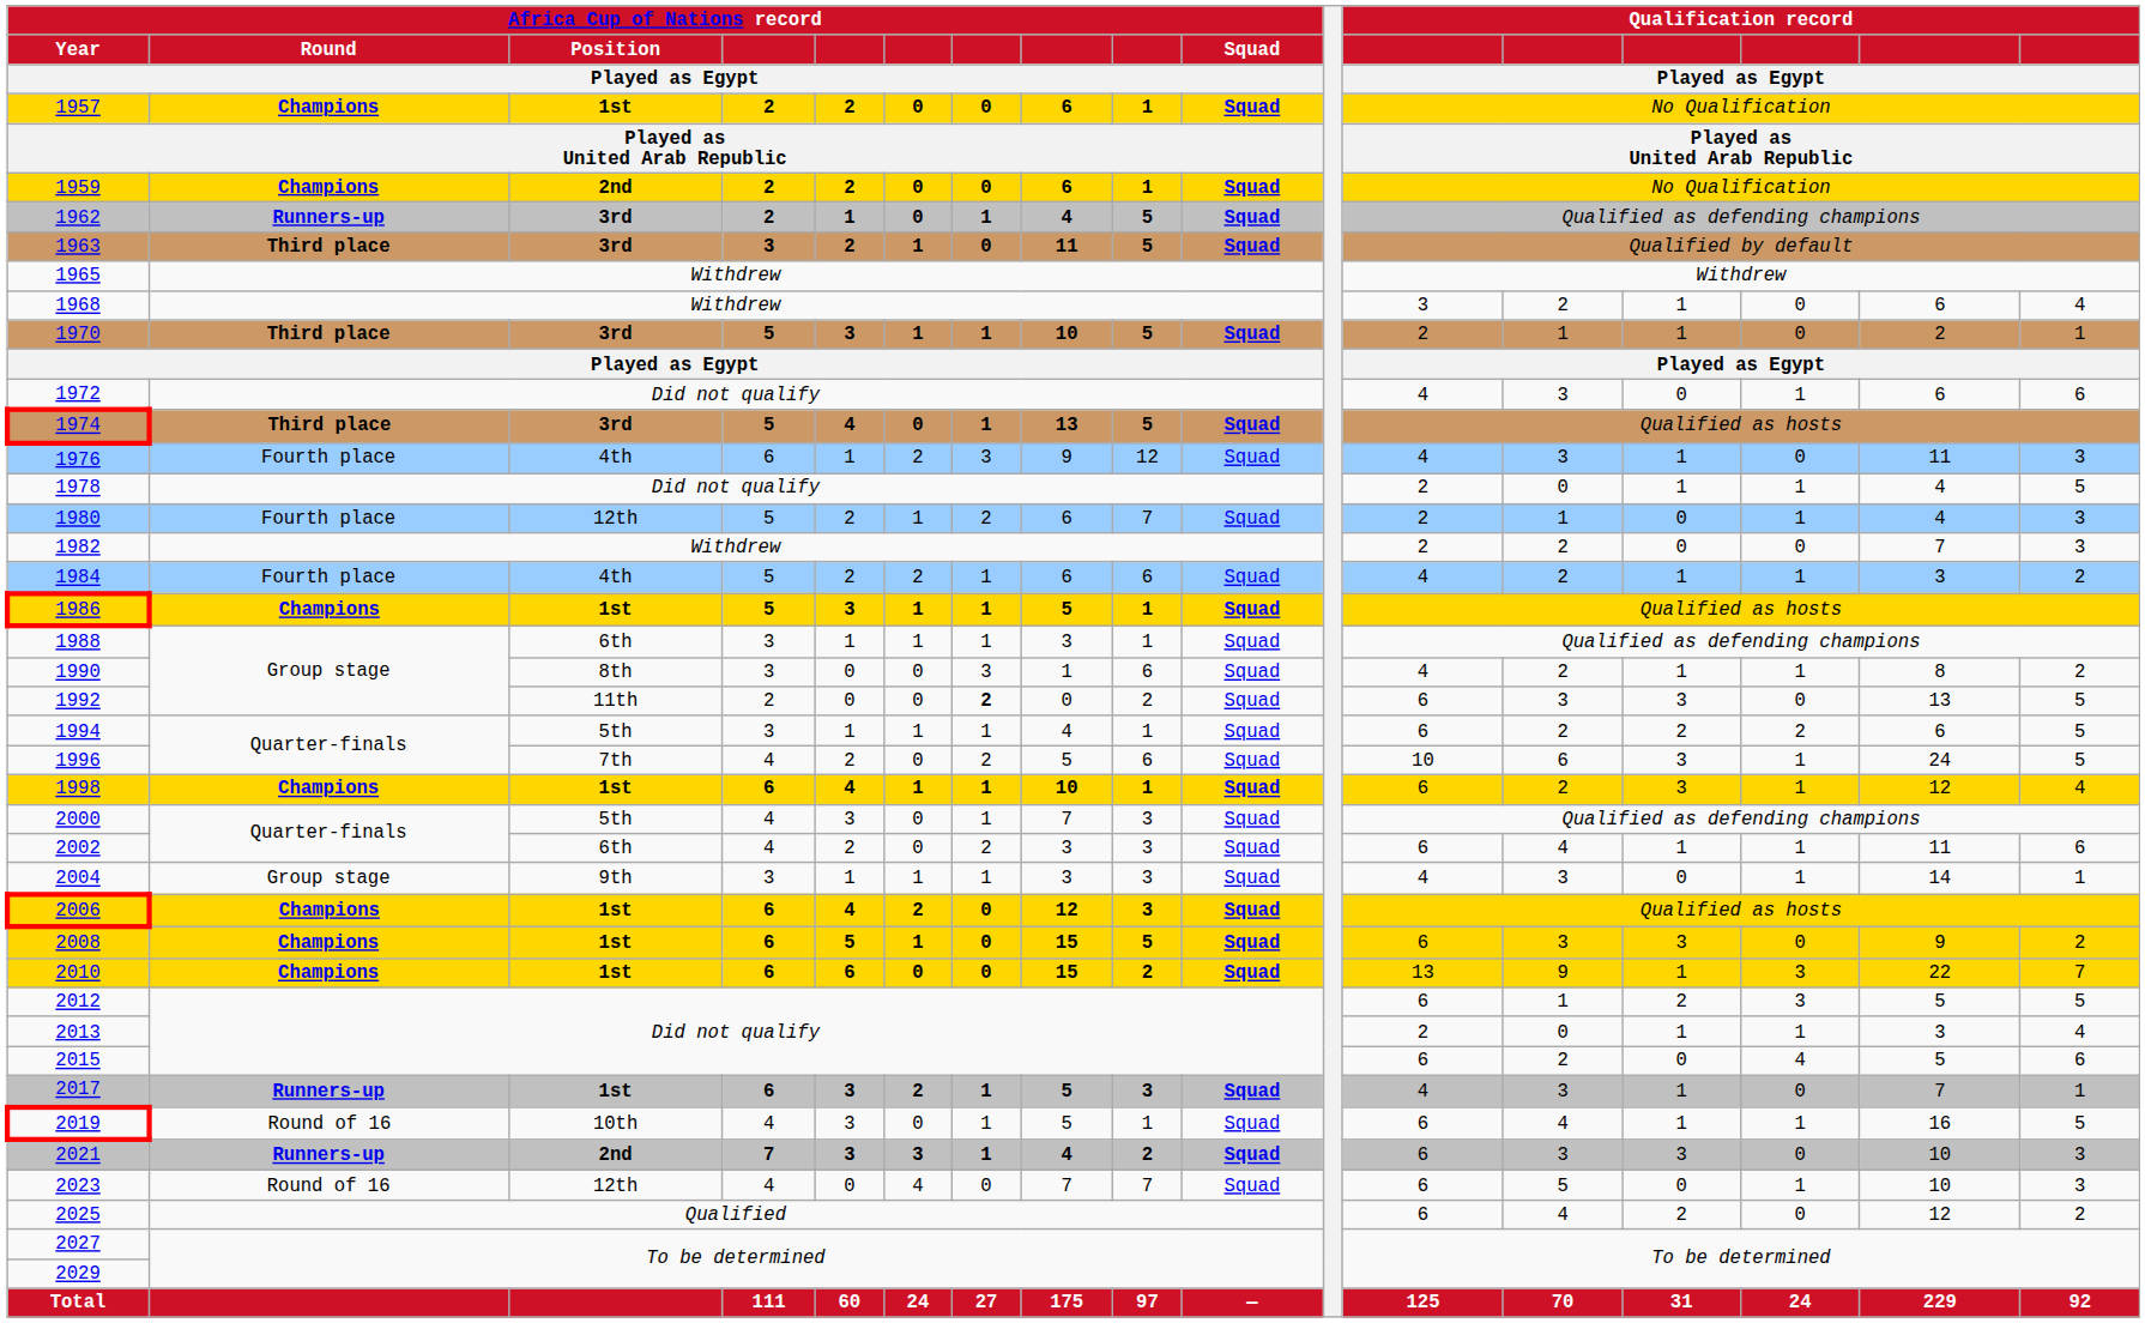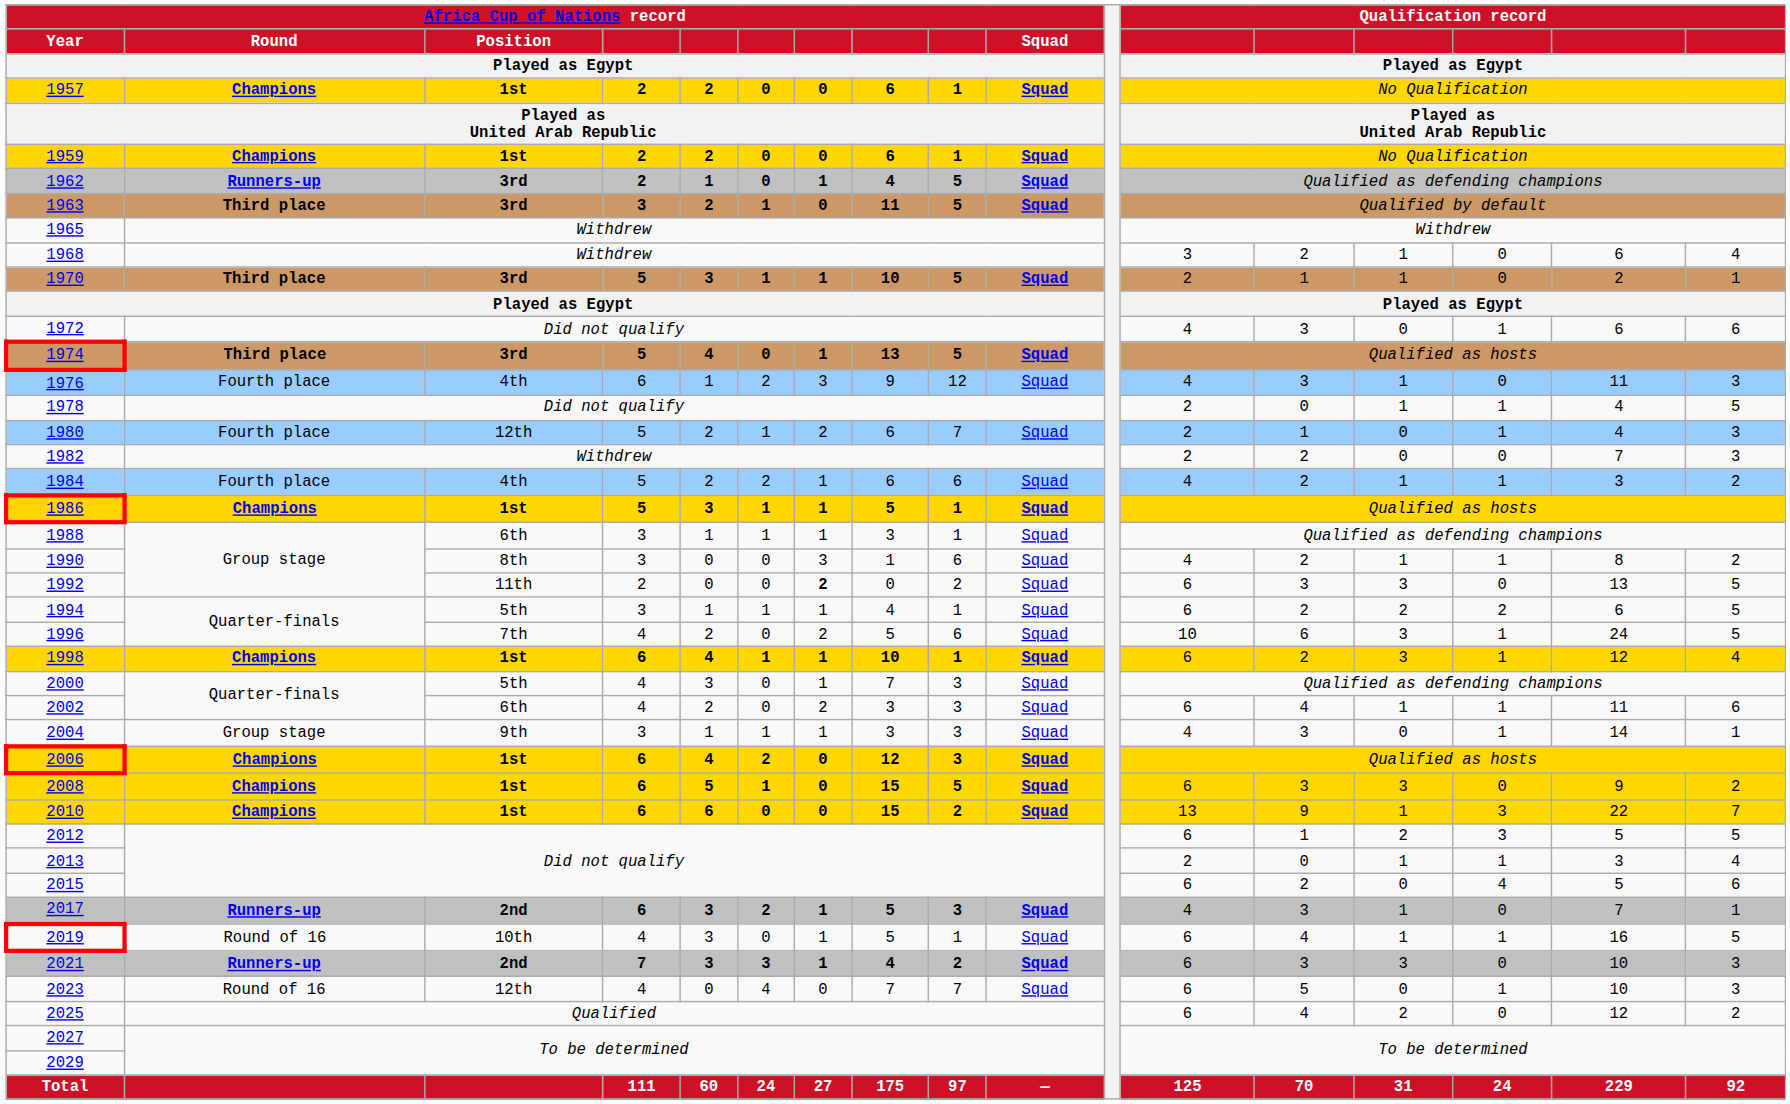 <table class="wikitable" style="text-align:center; font-size:85%; width:100%">
 <tr>
 <th colspan="10" style="background:#CE1126; color:#FFFFFF; "><a href='#'><span>Africa Cup of Nations</span></a> record</th>
 <th rowspan="43"></th>
 <th colspan="6" style="background:#CE1126; color:#FFFFFF; ">Qualification record</th>
 </tr>
 <tr>
 <th style="background:#CE1126; color:#FFFFFF; ">Year</th>
 <th style="background:#CE1126; color:#FFFFFF; ">Round</th>
 <th style="background:#CE1126; color:#FFFFFF; ">Position</th>
 <th style="background:#CE1126; color:#FFFFFF; "></th>
 <th style="background:#CE1126; color:#FFFFFF; "></th>
 <th style="background:#CE1126; color:#FFFFFF; "></th>
 <th style="background:#CE1126; color:#FFFFFF; "></th>
 <th style="background:#CE1126; color:#FFFFFF; "></th>
 <th style="background:#CE1126; color:#FFFFFF; "></th>
 <th style="background:#CE1126; color:#FFFFFF; ">Squad</th>
 <th style="background:#CE1126; color:#FFFFFF; "></th>
 <th style="background:#CE1126; color:#FFFFFF; "></th>
 <th style="background:#CE1126; color:#FFFFFF; "></th>
 <th style="background:#CE1126; color:#FFFFFF; "></th>
 <th style="background:#CE1126; color:#FFFFFF; "></th>
 <th style="background:#CE1126; color:#FFFFFF; "></th>
 </tr>
 <tr>
 <th colspan="11"><strong>Played as</strong>  Egypt</th>
 <th colspan="7"><strong>Played as</strong>  Egypt</th>
 </tr>
 <tr style="background:gold">
 <td> <a href='#'>1957</a></td>
 <td><strong><a href='#'>Champions</a></strong></td>
 <td><strong>1st</strong></td>
 <td><strong>2</strong></td>
 <td><strong>2</strong></td>
 <td><strong>0</strong></td>
 <td><strong>0</strong></td>
 <td><strong>6</strong></td>
 <td><strong>1</strong></td>
 <td><strong><a href='#'>Squad</a></strong></td>
 <td colspan="6"><em>No Qualification</em></td>
 </tr>
 <tr>
 <th colspan="11"><strong>Played as</strong><br> United Arab Republic</th>
 <th colspan="7"><strong>Played as</strong><br> United Arab Republic</th>
 </tr>
 <tr style="background:gold">
 <td style="background:gold" style="border:3px solid red"> <a href='#'>1959</a></td>
 <td><strong><a href='#'>Champions</a></strong></td>
-<td><strong>2nd</strong></td>
+<td><strong>1st</strong></td>
 <td><strong>2</strong></td>
 <td><strong>2</strong></td>
 <td><strong>0</strong></td>
 <td><strong>0</strong></td>
 <td><strong>6</strong></td>
 <td><strong>1</strong></td>
 <td><strong><a href='#'>Squad</a></strong></td>
 <td colspan="6"><em>No Qualification</em></td>
 </tr>
 <tr style="background:silver">
 <td> <a href='#'>1962</a></td>
 <td><strong><a href='#'>Runners-up</a></strong></td>
 <td><strong>3rd</strong></td>
 <td><strong>2</strong></td>
 <td><strong>1</strong></td>
 <td><strong>0</strong></td>
 <td><strong>1</strong></td>
 <td><strong>4</strong></td>
 <td><strong>5</strong></td>
 <td><strong><a href='#'>Squad</a></strong></td>
 <td colspan="6"><em>Qualified as defending champions</em></td>
 </tr>
 <tr style="background:#CC9966">
 <td> <a href='#'>1963</a></td>
 <td><strong>Third place</strong></td>
 <td><strong>3rd</strong></td>
 <td><strong>3</strong></td>
 <td><strong>2</strong></td>
 <td><strong>1</strong></td>
 <td><strong>0</strong></td>
 <td><strong>11</strong></td>
 <td><strong>5</strong></td>
 <td><strong><a href='#'>Squad</a></strong></td>
 <td colspan="6"><em>Qualified by default</em></td>
 </tr>
 <tr>
 <td> <a href='#'>1965</a></td>
 <td colspan="9"><em>Withdrew</em></td>
 <td colspan="6"><em>Withdrew</em></td>
 </tr>
 <tr>
 <td> <a href='#'>1968</a></td>
 <td colspan="9"><em>Withdrew</em></td>
 <td>3</td>
 <td>2</td>
 <td>1</td>
 <td>0</td>
 <td>6</td>
 <td>4</td>
 </tr>
 <tr style="background:#CC9966">
 <td> <a href='#'>1970</a></td>
 <td><strong>Third place</strong></td>
 <td><strong>3rd</strong></td>
 <td><strong>5</strong></td>
 <td><strong>3</strong></td>
 <td><strong>1</strong></td>
 <td><strong>1</strong></td>
 <td><strong>10</strong></td>
 <td><strong>5</strong></td>
 <td><strong><a href='#'>Squad</a></strong></td>
 <td>2</td>
 <td>1</td>
 <td>1</td>
 <td>0</td>
 <td>2</td>
 <td>1</td>
 </tr>
 <tr>
 <th colspan="11"><strong>Played as  Egypt</strong></th>
 <th colspan="7"><strong>Played as  Egypt</strong></th>
 </tr>
 <tr>
 <td> <a href='#'>1972</a></td>
 <td colspan="9"><em>Did not qualify</em></td>
 <td>4</td>
 <td>3</td>
 <td>0</td>
 <td>1</td>
 <td>6</td>
 <td>6</td>
 </tr>
 <tr style="background:#CC9966">
 <td style="border:3px solid red"> <a href='#'>1974</a></td>
 <td><strong>Third place</strong></td>
 <td><strong>3rd</strong></td>
 <td><strong>5</strong></td>
 <td><strong>4</strong></td>
 <td><strong>0</strong></td>
 <td><strong>1</strong></td>
 <td><strong>13</strong></td>
 <td><strong>5</strong></td>
 <td><strong><a href='#'>Squad</a></strong></td>
 <td colspan="6"><em>Qualified as hosts</em></td>
 </tr>
 <tr style="background:#9ACDFF">
 <td> <a href='#'>1976</a></td>
 <td>Fourth place</td>
 <td>4th</td>
 <td>6</td>
 <td>1</td>
 <td>2</td>
 <td>3</td>
 <td>9</td>
 <td>12</td>
 <td><a href='#'>Squad</a></td>
 <td>4</td>
 <td>3</td>
 <td>1</td>
 <td>0</td>
 <td>11</td>
 <td>3</td>
 </tr>
 <tr>
 <td> <a href='#'>1978</a></td>
 <td colspan="9"><em>Did not qualify</em></td>
 <td>2</td>
 <td>0</td>
 <td>1</td>
 <td>1</td>
 <td>4</td>
 <td>5</td>
 </tr>
 <tr style="background:#9ACDFF">
 <td> <a href='#'>1980</a></td>
 <td>Fourth place</td>
 <td>12th</td>
 <td>5</td>
 <td>2</td>
 <td>1</td>
 <td>2</td>
 <td>6</td>
 <td>7</td>
 <td><a href='#'>Squad</a></td>
 <td>2</td>
 <td>1</td>
 <td>0</td>
 <td>1</td>
 <td>4</td>
 <td>3</td>
 </tr>
 <tr>
 <td> <a href='#'>1982</a></td>
 <td colspan="9"><em>Withdrew</em></td>
 <td>2</td>
 <td>2</td>
 <td>0</td>
 <td>0</td>
 <td>7</td>
 <td>3</td>
 </tr>
 <tr style="background:#9ACDFF">
 <td> <a href='#'>1984</a></td>
 <td>Fourth place</td>
 <td>4th</td>
 <td>5</td>
 <td>2</td>
 <td>2</td>
 <td>1</td>
 <td>6</td>
 <td>6</td>
 <td><a href='#'>Squad</a></td>
 <td>4</td>
 <td>2</td>
 <td>1</td>
 <td>1</td>
 <td>3</td>
 <td>2</td>
 </tr>
 <tr style="background:gold">
 <td style="border:3px solid red"> <a href='#'>1986</a></td>
 <td><strong><a href='#'>Champions</a></strong></td>
 <td><strong>1st</strong></td>
 <td><strong>5</strong></td>
 <td><strong>3</strong></td>
 <td><strong>1</strong></td>
 <td><strong>1</strong></td>
 <td><strong>5</strong></td>
 <td><strong>1</strong></td>
 <td><strong><a href='#'>Squad</a></strong></td>
 <td colspan="6"><em>Qualified as hosts</em></td>
 </tr>
 <tr>
 <td> <a href='#'>1988</a></td>
 <td rowspan="3">Group stage</td>
 <td>6th</td>
 <td>3</td>
 <td>1</td>
 <td>1</td>
 <td>1</td>
 <td>3</td>
 <td>1</td>
 <td><a href='#'>Squad</a></td>
 <td colspan="6"><em>Qualified as defending champions</em></td>
 </tr>
 <tr>
 <td> <a href='#'>1990</a></td>
 <td>8th</td>
 <td>3</td>
 <td>0</td>
 <td>0</td>
 <td>3</td>
 <td>1</td>
 <td>6</td>
 <td><a href='#'>Squad</a></td>
 <td>4</td>
 <td>2</td>
 <td>1</td>
 <td>1</td>
 <td>8</td>
 <td>2</td>
 </tr>
 <tr>
 <td> <a href='#'>1992</a></td>
 <td>11th</td>
 <td>2</td>
 <td>0</td>
 <td>0</td>
 <td><strong>2</strong></td>
 <td>0</td>
 <td>2</td>
 <td><a href='#'>Squad</a></td>
 <td>6</td>
 <td>3</td>
 <td>3</td>
 <td>0</td>
 <td>13</td>
 <td>5</td>
 </tr>
 <tr>
 <td> <a href='#'>1994</a></td>
 <td rowspan="2">Quarter-finals</td>
 <td>5th</td>
 <td>3</td>
 <td>1</td>
 <td>1</td>
 <td>1</td>
 <td>4</td>
 <td>1</td>
 <td><a href='#'>Squad</a></td>
 <td>6</td>
 <td>2</td>
 <td>2</td>
 <td>2</td>
 <td>6</td>
 <td>5</td>
 </tr>
 <tr>
 <td> <a href='#'>1996</a></td>
 <td>7th</td>
 <td>4</td>
 <td>2</td>
 <td>0</td>
 <td>2</td>
 <td>5</td>
 <td>6</td>
 <td><a href='#'>Squad</a></td>
 <td>10</td>
 <td>6</td>
 <td>3</td>
 <td>1</td>
 <td>24</td>
 <td>5</td>
 </tr>
 <tr style="background:gold">
 <td> <a href='#'>1998</a></td>
 <td><strong><a href='#'>Champions</a></strong></td>
 <td><strong>1st</strong></td>
 <td><strong>6</strong></td>
 <td><strong>4</strong></td>
 <td><strong>1</strong></td>
 <td><strong>1</strong></td>
 <td><strong>10</strong></td>
 <td><strong>1</strong></td>
 <td><strong><a href='#'>Squad</a></strong></td>
 <td>6</td>
 <td>2</td>
 <td>3</td>
 <td>1</td>
 <td>12</td>
 <td>4</td>
 </tr>
 <tr>
 <td>  <a href='#'>2000</a></td>
 <td rowspan="2">Quarter-finals</td>
 <td>5th</td>
 <td>4</td>
 <td>3</td>
 <td>0</td>
 <td>1</td>
 <td>7</td>
 <td>3</td>
 <td><a href='#'>Squad</a></td>
 <td colspan="6"><em>Qualified as defending champions</em></td>
 </tr>
 <tr>
 <td> <a href='#'>2002</a></td>
 <td>6th</td>
 <td>4</td>
 <td>2</td>
 <td>0</td>
 <td>2</td>
 <td>3</td>
 <td>3</td>
 <td><a href='#'>Squad</a></td>
 <td>6</td>
 <td>4</td>
 <td>1</td>
 <td>1</td>
 <td>11</td>
 <td>6</td>
 </tr>
 <tr>
 <td> <a href='#'>2004</a></td>
 <td>Group stage</td>
 <td>9th</td>
 <td>3</td>
 <td>1</td>
 <td>1</td>
 <td>1</td>
 <td>3</td>
 <td>3</td>
 <td><a href='#'>Squad</a></td>
 <td>4</td>
 <td>3</td>
 <td>0</td>
 <td>1</td>
 <td>14</td>
 <td>1</td>
 </tr>
 <tr style="background:gold">
 <td style="border:3px solid red"> <a href='#'>2006</a></td>
 <td><strong><a href='#'>Champions</a></strong></td>
 <td><strong>1st</strong></td>
 <td><strong>6</strong></td>
 <td><strong>4</strong></td>
 <td><strong>2</strong></td>
 <td><strong>0</strong></td>
 <td><strong>12</strong></td>
 <td><strong>3</strong></td>
 <td><strong><a href='#'>Squad</a></strong></td>
 <td colspan="6"><em>Qualified as hosts</em></td>
 </tr>
 <tr style="background:gold">
 <td> <a href='#'>2008</a></td>
 <td><strong><a href='#'>Champions</a></strong></td>
 <td><strong>1st</strong></td>
 <td><strong>6</strong></td>
 <td><strong>5</strong></td>
 <td><strong>1</strong></td>
 <td><strong>0</strong></td>
 <td><strong>15</strong></td>
 <td><strong>5</strong></td>
 <td><strong><a href='#'>Squad</a></strong></td>
 <td>6</td>
 <td>3</td>
 <td>3</td>
 <td>0</td>
 <td>9</td>
 <td>2</td>
 </tr>
 <tr style="background:gold">
 <td> <a href='#'>2010</a></td>
 <td><strong><a href='#'>Champions</a></strong></td>
 <td><strong>1st</strong></td>
 <td><strong>6</strong></td>
 <td><strong>6</strong></td>
 <td><strong>0</strong></td>
 <td><strong>0</strong></td>
 <td><strong>15</strong></td>
 <td><strong>2</strong></td>
 <td><strong><a href='#'>Squad</a></strong></td>
 <td>13</td>
 <td>9</td>
 <td>1</td>
 <td>3</td>
 <td>22</td>
 <td>7</td>
 </tr>
 <tr>
 <td>  <a href='#'>2012</a></td>
 <td rowspan="3" colspan="9"><em>Did not qualify</em></td>
 <td>6</td>
 <td>1</td>
 <td>2</td>
 <td>3</td>
 <td>5</td>
 <td>5</td>
 </tr>
 <tr>
 <td> <a href='#'>2013</a></td>
 <td>2</td>
 <td>0</td>
 <td>1</td>
 <td>1</td>
 <td>3</td>
 <td>4</td>
 </tr>
 <tr>
 <td> <a href='#'>2015</a></td>
 <td>6</td>
 <td>2</td>
 <td>0</td>
 <td>4</td>
 <td>5</td>
 <td>6</td>
 </tr>
 <tr style="background:silver">
 <td> <a href='#'>2017</a></td>
 <td><strong><a href='#'>Runners-up</a></strong></td>
-<td><strong>1st</strong></td>
+<td><strong>2nd</strong></td>
 <td><strong>6</strong></td>
 <td><strong>3</strong></td>
 <td><strong>2</strong></td>
 <td><strong>1</strong></td>
 <td><strong>5</strong></td>
 <td><strong>3</strong></td>
 <td><strong><a href='#'>Squad</a></strong></td>
 <td>4</td>
 <td>3</td>
 <td>1</td>
 <td>0</td>
 <td>7</td>
 <td>1</td>
 </tr>
 <tr>
 <td style="border:3px solid red"> <a href='#'>2019</a></td>
 <td>Round of 16</td>
 <td>10th</td>
 <td>4</td>
 <td>3</td>
 <td>0</td>
 <td>1</td>
 <td>5</td>
 <td>1</td>
 <td><a href='#'>Squad</a></td>
 <td>6</td>
 <td>4</td>
 <td>1</td>
 <td>1</td>
 <td>16</td>
 <td>5</td>
 </tr>
 <tr style="background:silver">
 <td> <a href='#'>2021</a></td>
 <td><strong><a href='#'>Runners-up</a></strong></td>
 <td><strong>2nd</strong></td>
 <td><strong>7</strong></td>
 <td><strong>3</strong></td>
 <td><strong>3</strong></td>
 <td><strong>1</strong></td>
 <td><strong>4</strong></td>
 <td><strong>2</strong></td>
 <td><strong><a href='#'>Squad</a></strong></td>
 <td>6</td>
 <td>3</td>
 <td>3</td>
 <td>0</td>
 <td>10</td>
 <td>3</td>
 </tr>
 <tr>
 <td> <a href='#'>2023</a></td>
 <td>Round of 16</td>
 <td>12th</td>
 <td>4</td>
 <td>0</td>
 <td>4</td>
 <td>0</td>
 <td>7</td>
 <td>7</td>
 <td><a href='#'>Squad</a></td>
 <td>6</td>
 <td>5</td>
 <td>0</td>
 <td>1</td>
 <td>10</td>
 <td>3</td>
 </tr>
 <tr>
 <td> <a href='#'>2025</a></td>
 <td colspan="9"><em>Qualified</em></td>
 <td>6</td>
 <td>4</td>
 <td>2</td>
 <td>0</td>
 <td>12</td>
 <td>2</td>
 </tr>
 <tr>
 <td>   <a href='#'>2027</a></td>
 <td colspan="9" rowspan="2"><em>To be determined</em></td>
 <td colspan="6" rowspan="2"><em>To be determined</em></td>
 </tr>
 <tr>
 <td> <a href='#'>2029</a></td>
 </tr>
 <tr>
 <th style="background:#CE1126; color:#FFFFFF; ">Total</th>
 <th style="background:#CE1126; color:#FFFFFF; "></th>
 <th style="background:#CE1126; color:#FFFFFF; "></th>
 <th style="background:#CE1126; color:#FFFFFF; ">111</th>
 <th style="background:#CE1126; color:#FFFFFF; ">60</th>
 <th style="background:#CE1126; color:#FFFFFF; ">24</th>
 <th style="background:#CE1126; color:#FFFFFF; ">27</th>
 <th style="background:#CE1126; color:#FFFFFF; ">175</th>
 <th style="background:#CE1126; color:#FFFFFF; ">97</th>
 <th style="background:#CE1126; color:#FFFFFF; ">—</th>
 <th style="background:#CE1126; color:#FFFFFF; ">125</th>
 <th style="background:#CE1126; color:#FFFFFF; ">70</th>
 <th style="background:#CE1126; color:#FFFFFF; ">31</th>
 <th style="background:#CE1126; color:#FFFFFF; ">24</th>
 <th style="background:#CE1126; color:#FFFFFF; ">229</th>
 <th style="background:#CE1126; color:#FFFFFF; ">92</th>
 </tr>
 </table>
